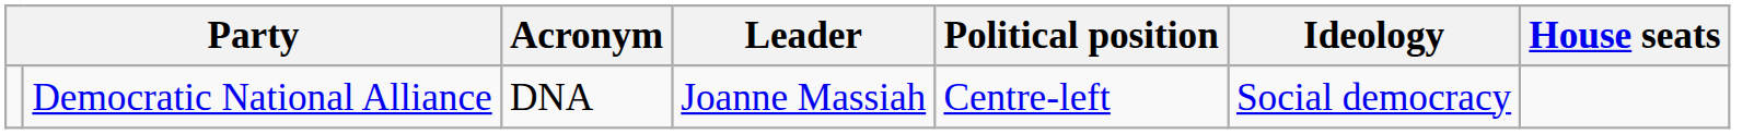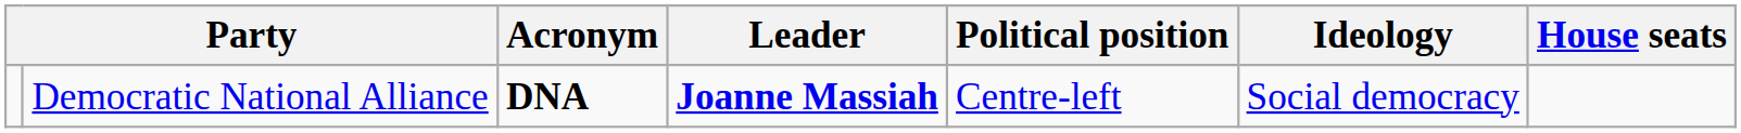 <table class="wikitable sortable">
 <tr>
 <th colspan="2">Party</th>
 <th>Acronym</th>
 <th>Leader</th>
 <th>Political position</th>
 <th>Ideology</th>
 <th><a href='#'>House</a> seats</th>
 </tr>
 <tr>
 <td></td>
 <td><a href='#'>Democratic National Alliance</a></td>
-<td>DNA</td>
-<td><a href='#'>Joanne Massiah</a></td>
+<td><strong>DNA</strong></td>
+<td><strong><a href='#'>Joanne Massiah</a></strong></td>
 <td><a href='#'>Centre-left</a></td>
 <td><a href='#'>Social democracy</a></td>
 <td></td>
 </tr>
 </table>
